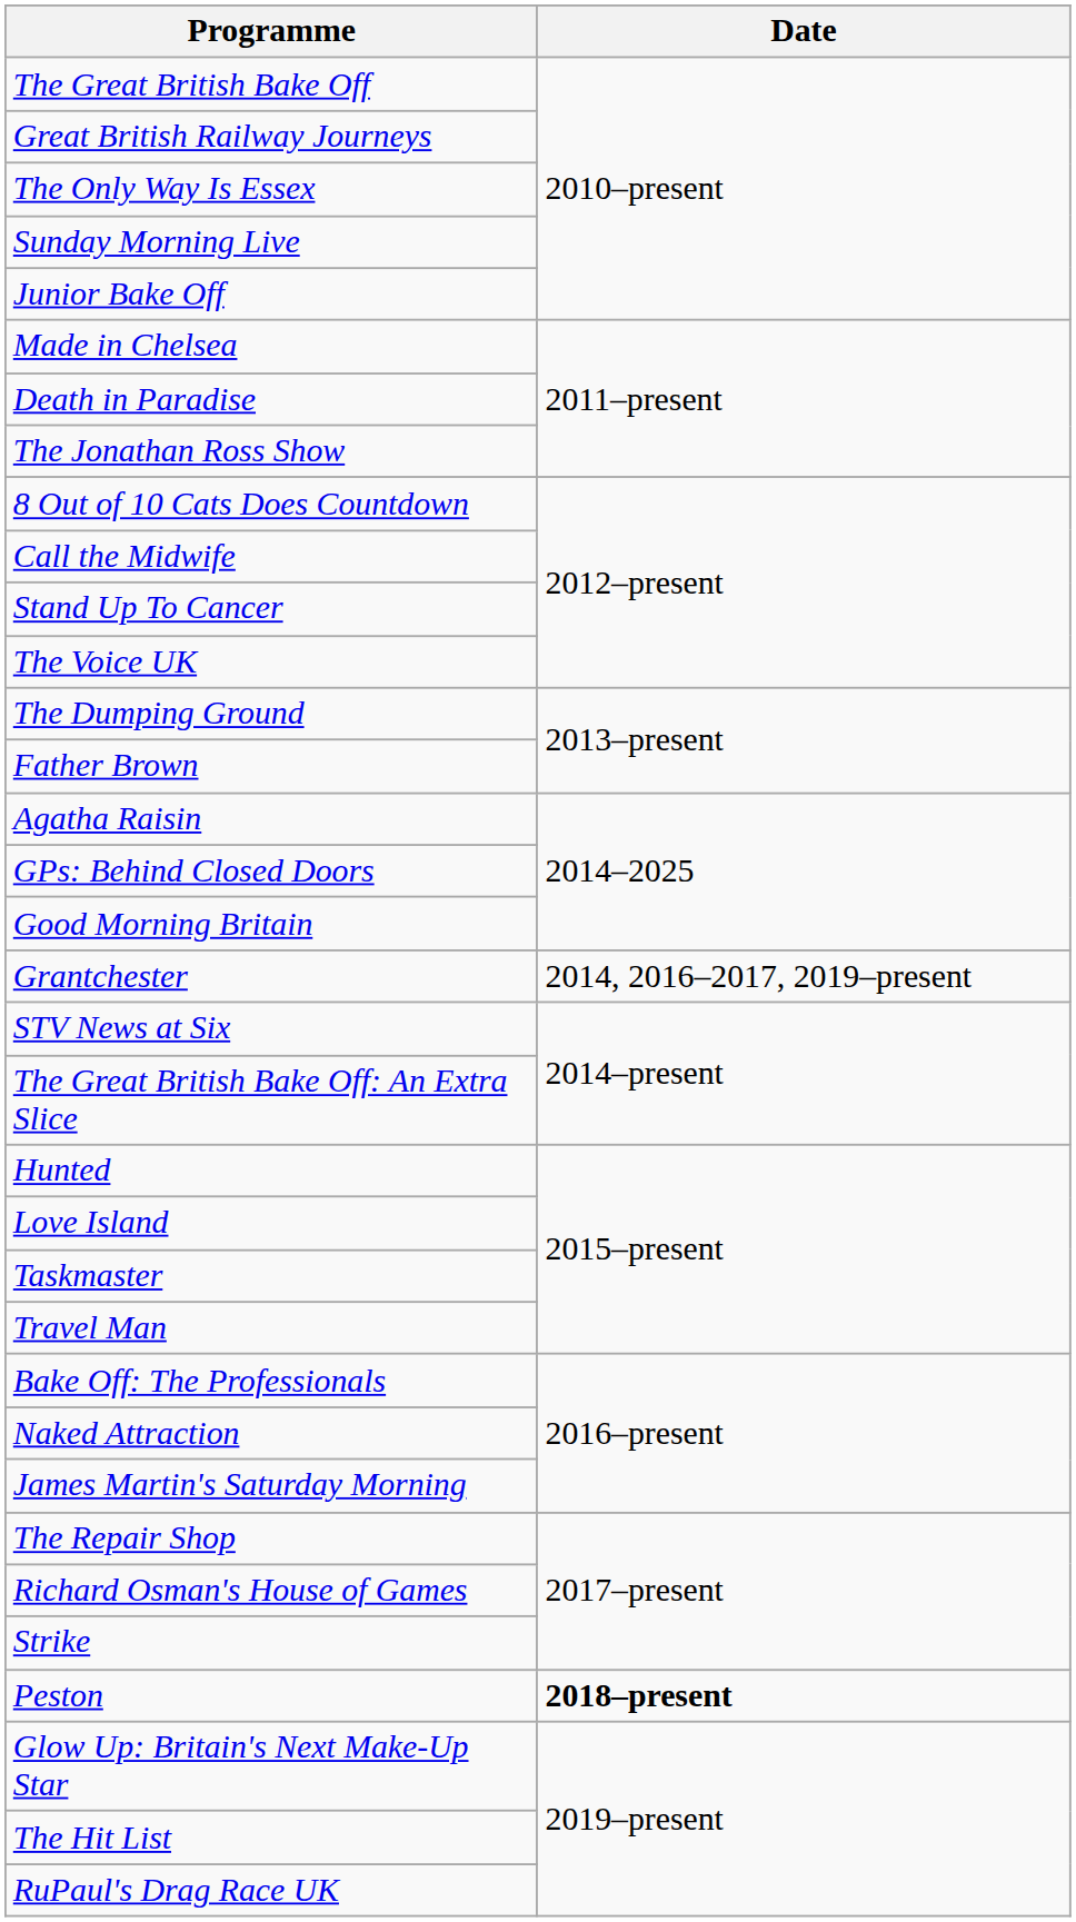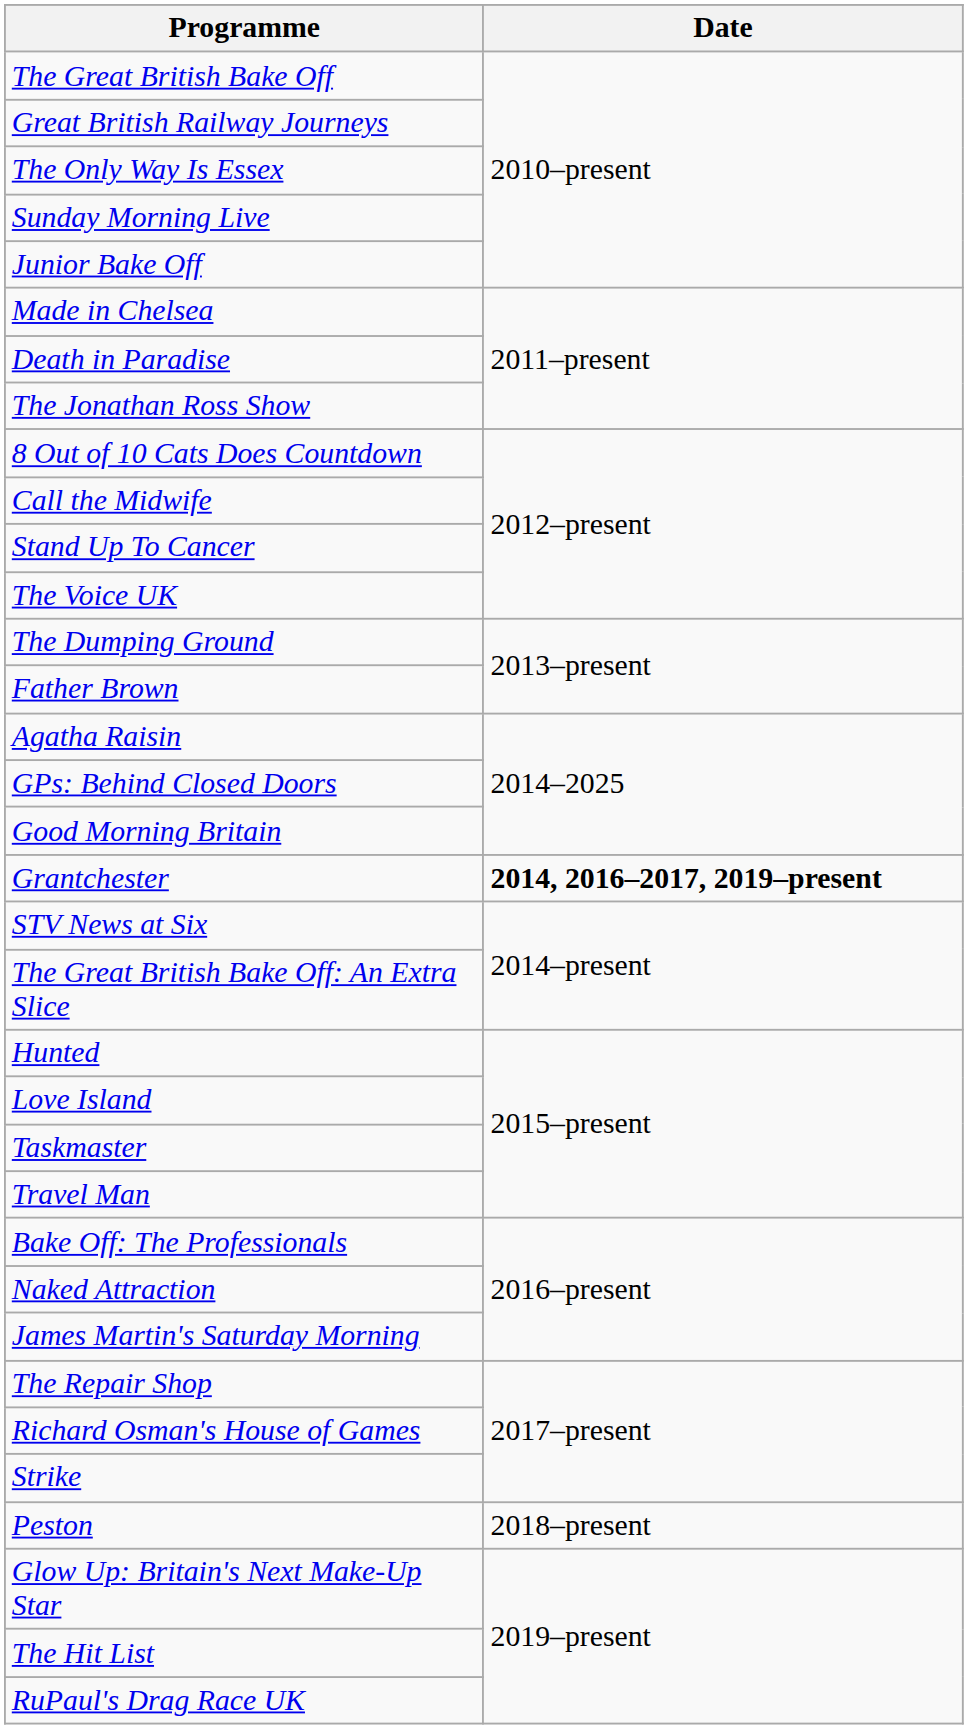 <table class="wikitable">
 <tr>
 <th width=250>Programme</th>
 <th width=250>Date</th>
 </tr>
 <tr>
 <td><em><a href='#'>The Great British Bake Off</a></em></td>
 <td rowspan="5">2010–present</td>
 </tr>
 <tr —>
 <td><em><a href='#'>Great British Railway Journeys</a></em></td>
 </tr>
 <tr>
 <td><em><a href='#'>The Only Way Is Essex</a></em></td>
 </tr>
 <tr>
 <td><em><a href='#'>Sunday Morning Live</a></em></td>
 </tr>
 <tr>
 <td><em><a href='#'>Junior Bake Off</a></em></td>
 </tr>
 <tr>
 <td><em><a href='#'>Made in Chelsea</a></em></td>
 <td rowspan="3">2011–present</td>
 </tr>
 <tr>
 <td><em><a href='#'>Death in Paradise</a></em></td>
 </tr>
 <tr>
 <td><em><a href='#'>The Jonathan Ross Show</a></em></td>
 </tr>
 <tr>
 <td><em><a href='#'>8 Out of 10 Cats Does Countdown</a></em></td>
 <td rowspan="4">2012–present</td>
 </tr>
 <tr>
 <td><em><a href='#'>Call the Midwife</a></em></td>
 </tr>
 <tr>
 <td><em><a href='#'>Stand Up To Cancer</a></em></td>
 </tr>
 <tr>
 <td><em><a href='#'>The Voice UK</a></em></td>
 </tr>
 <tr>
 <td><em><a href='#'>The Dumping Ground</a></em></td>
 <td rowspan="2">2013–present</td>
 </tr>
 <tr>
 <td><em><a href='#'>Father Brown</a></em></td>
 </tr>
 <tr>
 <td><em><a href='#'>Agatha Raisin</a></em></td>
 <td rowspan="3">2014–2025</td>
 </tr>
 <tr>
 <td><em><a href='#'>GPs: Behind Closed Doors</a></em></td>
 </tr>
 <tr>
 <td><em><a href='#'>Good Morning Britain</a></em></td>
 </tr>
 <tr>
 <td><em><a href='#'>Grantchester</a></em></td>
-<td>2014, 2016–2017, 2019–present</td>
+<td><strong>2014, 2016–2017, 2019–present</strong></td>
 </tr>
 <tr>
 <td><em><a href='#'>STV News at Six</a></em></td>
 <td rowspan="2">2014–present</td>
 </tr>
 <tr>
 <td><em><a href='#'>The Great British Bake Off: An Extra Slice</a></em></td>
 </tr>
 <tr>
 <td><em><a href='#'>Hunted</a></em></td>
 <td rowspan="4">2015–present</td>
 </tr>
 <tr>
 <td><em><a href='#'>Love Island</a></em></td>
 </tr>
 <tr>
 <td><em><a href='#'>Taskmaster</a></em></td>
 </tr>
 <tr>
 <td><em><a href='#'>Travel Man</a></em></td>
 </tr>
 <tr>
 <td><em><a href='#'>Bake Off: The Professionals</a></em></td>
 <td rowspan="3">2016–present</td>
 </tr>
 <tr>
 <td><em><a href='#'>Naked Attraction</a></em></td>
 </tr>
 <tr>
 <td><em><a href='#'>James Martin's Saturday Morning</a></em></td>
 </tr>
 <tr>
 <td><em><a href='#'>The Repair Shop</a></em></td>
 <td rowspan="3">2017–present</td>
 </tr>
 <tr>
 <td><em><a href='#'>Richard Osman's House of Games</a></em></td>
 </tr>
 <tr>
 <td><em><a href='#'>Strike</a></em></td>
 </tr>
 <tr>
 <td><em><a href='#'>Peston</a></em></td>
-<td><strong>2018–present</strong></td>
+<td>2018–present</td>
 </tr>
 <tr>
 <td><em><a href='#'>Glow Up: Britain's Next Make-Up Star</a></em></td>
 <td rowspan="3">2019–present</td>
 </tr>
 <tr>
 <td><em><a href='#'>The Hit List</a></em></td>
 </tr>
 <tr>
 <td><em><a href='#'>RuPaul's Drag Race UK</a></em></td>
 </tr>
 </table>
